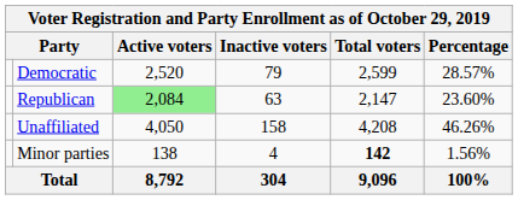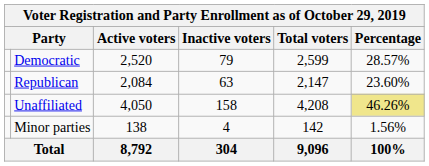 <table class=wikitable>
 <tr>
 <th colspan = 6>Voter Registration and Party Enrollment as of October 29, 2019</th>
 </tr>
 <tr>
 <th colspan = 2>Party</th>
 <th>Active voters</th>
 <th>Inactive voters</th>
 <th>Total voters</th>
 <th>Percentage</th>
 </tr>
 <tr>
 <td></td>
 <td><a href='#'>Democratic</a></td>
 <td style="text-align:center;">2,520</td>
 <td style="text-align:center;">79</td>
 <td style="text-align:center;">2,599</td>
 <td style="text-align:center;">28.57%</td>
 </tr>
 <tr>
 <td></td>
 <td><a href='#'>Republican</a></td>
-<td style="background: lightgreen; text-align:center;">2,084</td>
+<td style="text-align:center;">2,084</td>
 <td style="text-align:center;">63</td>
 <td style="text-align:center;">2,147</td>
 <td style="text-align:center;">23.60%</td>
 </tr>
 <tr>
 <td></td>
 <td><a href='#'>Unaffiliated</a></td>
 <td style="text-align:center;">4,050</td>
 <td style="text-align:center;">158</td>
 <td style="text-align:center;">4,208</td>
-<td style="text-align:center;">46.26%</td>
+<td style="background: khaki; text-align:center;">46.26%</td>
 </tr>
 <tr>
 <td></td>
 <td>Minor parties</td>
 <td style="text-align:center;">138</td>
 <td style="text-align:center;">4</td>
-<td style="text-align:center;"><strong>142</strong></td>
+<td style="text-align:center;">142</td>
 <td style="text-align:center;">1.56%</td>
 </tr>
 <tr>
 <th colspan = 2>Total</th>
 <th style="text-align:center;">8,792</th>
 <th style="text-align:center;">304</th>
 <th style="text-align:center;">9,096</th>
 <th style="text-align:center;">100%</th>
 </tr>
 </table>
